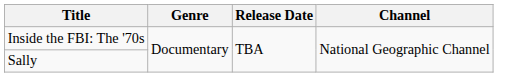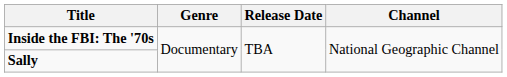 <table class="wikitable sortable">
 <tr>
 <th>Title</th>
 <th>Genre</th>
 <th>Release Date</th>
 <th>Channel</th>
 </tr>
 <tr>
-<td>Inside the FBI: The '70s</td>
+<td><strong>Inside the FBI: The '70s</strong></td>
 <td rowspan="2">Documentary</td>
 <td rowspan="2">TBA</td>
 <td rowspan="2">National Geographic Channel</td>
 </tr>
 <tr>
-<td>Sally</td>
+<td><strong>Sally</strong></td>
 </tr>
 </table>
